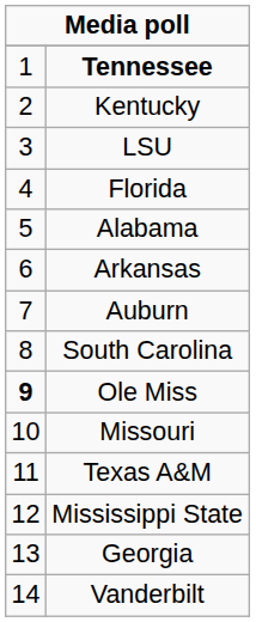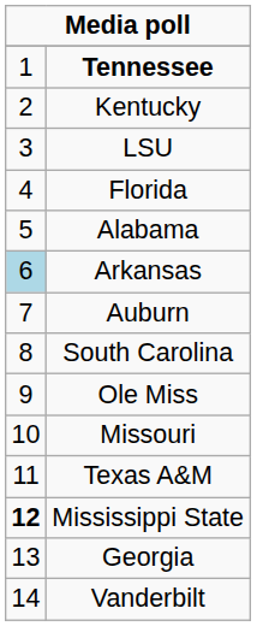 <table class="wikitable">
 <tr align="center">
 <td align="center" Colspan="3"><strong>Media poll</strong></td>
 </tr>
 <tr align="center">
 </tr>
 <tr align="center">
 <td>1</td>
 <td><strong>Tennessee</strong></td>
 </tr>
 <tr align="center">
 <td>2</td>
 <td>Kentucky</td>
 </tr>
 <tr align="center">
 <td>3</td>
 <td>LSU</td>
 </tr>
 <tr align="center">
 <td>4</td>
 <td>Florida</td>
 </tr>
 <tr align="center">
 <td>5</td>
 <td>Alabama</td>
 </tr>
 <tr align="center">
-<td>6</td>
+<td style="background: lightblue;">6</td>
 <td>Arkansas</td>
 </tr>
 <tr align="center">
 <td>7</td>
 <td>Auburn</td>
 </tr>
 <tr align="center">
 <td>8</td>
 <td>South Carolina</td>
 </tr>
 <tr align="center">
-<td><strong>9</strong></td>
+<td>9</td>
 <td>Ole Miss</td>
 </tr>
 <tr align="center">
 <td>10</td>
 <td>Missouri</td>
 </tr>
 <tr align="center">
 <td>11</td>
 <td>Texas A&M</td>
 </tr>
 <tr align="center">
-<td>12</td>
+<td><strong>12</strong></td>
 <td>Mississippi State</td>
 </tr>
 <tr align="center">
 <td>13</td>
 <td>Georgia</td>
 </tr>
 <tr align="center">
 <td>14</td>
 <td>Vanderbilt</td>
 </tr>
 </table>
